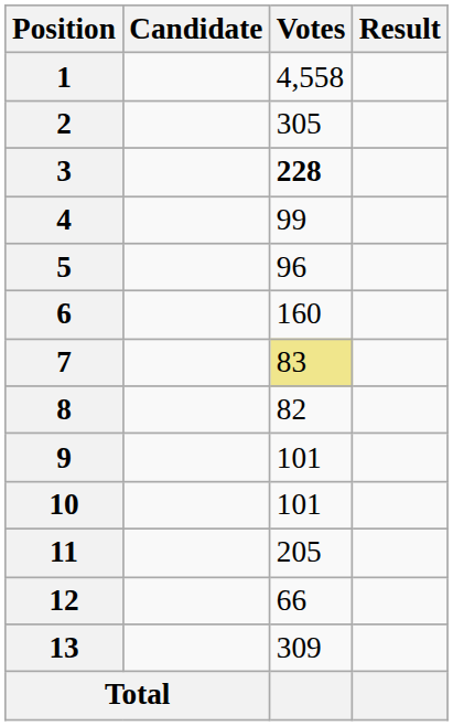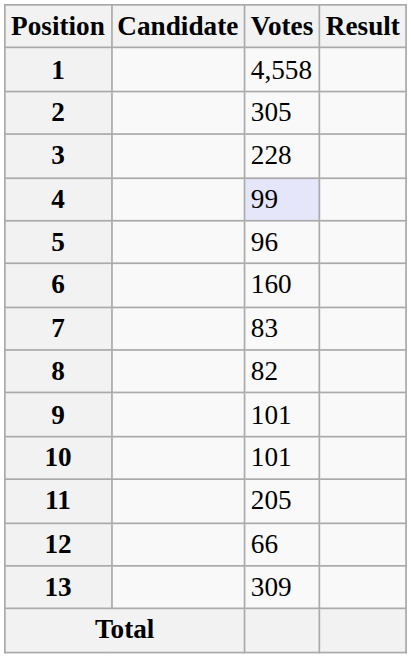 <table class="wikitable sortable col3right">
 <tr>
 <th scope="col">Position</th>
 <th scope="col">Candidate</th>
 <th scope="col">Votes</th>
 <th scope="col">Result</th>
 </tr>
 <tr>
 <th scope="row">1</th>
 <td></td>
 <td>4,558</td>
 <td></td>
 </tr>
 <tr>
 <th scope="row">2</th>
 <td></td>
 <td>305</td>
 <td></td>
 </tr>
 <tr>
 <th scope="row">3</th>
 <td></td>
-<td><strong>228</strong></td>
+<td>228</td>
 <td></td>
 </tr>
 <tr>
 <th scope="row">4</th>
 <td></td>
-<td>99</td>
+<td style="background: lavender;">99</td>
 <td></td>
 </tr>
 <tr>
 <th scope="row">5</th>
 <td></td>
 <td>96</td>
 <td></td>
 </tr>
 <tr>
 <th scope="row">6</th>
 <td></td>
 <td>160</td>
 <td></td>
 </tr>
 <tr>
 <th scope="row">7</th>
 <td></td>
-<td style="background: khaki;">83</td>
+<td>83</td>
 <td></td>
 </tr>
 <tr>
 <th scope="row">8</th>
 <td></td>
 <td>82</td>
 <td></td>
 </tr>
 <tr>
 <th scope="row">9</th>
 <td></td>
 <td>101</td>
 <td></td>
 </tr>
 <tr>
 <th scope="row">10</th>
 <td></td>
 <td>101</td>
 <td></td>
 </tr>
 <tr>
 <th scope="row">11</th>
 <td></td>
 <td>205</td>
 <td></td>
 </tr>
 <tr>
 <th scope="row">12</th>
 <td></td>
 <td>66</td>
 <td></td>
 </tr>
 <tr>
 <th scope="row">13</th>
 <td></td>
 <td>309</td>
 <td></td>
 </tr>
 <tr class="sortbottom">
 <th scope="row" colspan="2">Total</th>
 <th></th>
 <th></th>
 </tr>
 </table>
